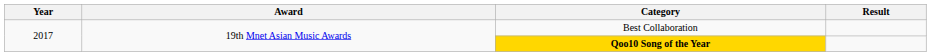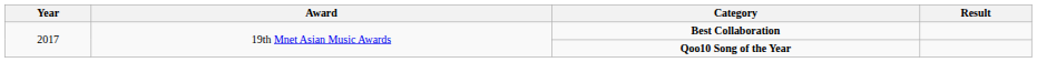 <table width="75%" class="wikitable sortable" style="text-align:center">
 <tr>
 <th>Year</th>
 <th>Award</th>
 <th>Category</th>
 <th>Result</th>
 </tr>
 <tr>
 <td rowspan="2">2017</td>
 <td rowspan="2">19th <a href='#'>Mnet Asian Music Awards</a></td>
-<td>Best Collaboration</td>
+<td><strong>Best Collaboration</strong></td>
 <td></td>
 </tr>
 <tr>
-<td style="background: gold;"><strong>Qoo10 Song of the Year</strong></td>
+<td><strong>Qoo10 Song of the Year</strong></td>
 <td></td>
 </tr>
 </table>
